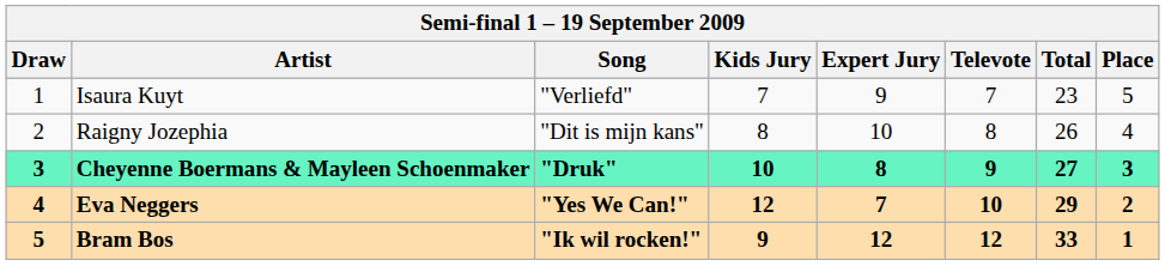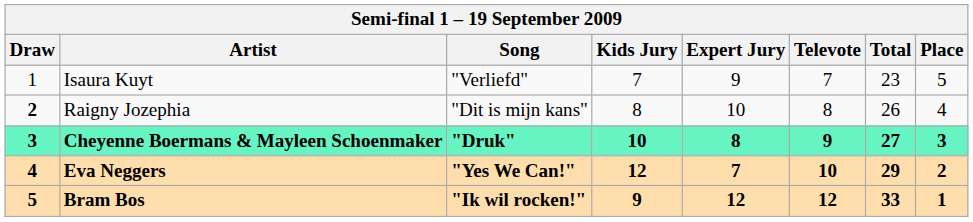 <table class="sortable wikitable" style="margin: 1em auto 1em auto; text-align:center;">
 <tr>
 <th colspan="8">Semi-final 1 – <strong>19 September 2009</strong></th>
 </tr>
 <tr bgcolor="#CCCCCC">
 <th>Draw</th>
 <th>Artist</th>
 <th>Song</th>
 <th>Kids Jury</th>
 <th>Expert Jury</th>
 <th>Televote</th>
 <th>Total</th>
 <th>Place</th>
 </tr>
 <tr>
 <td>1</td>
 <td align="left">Isaura Kuyt</td>
 <td align="left">"Verliefd"</td>
 <td>7</td>
 <td>9</td>
 <td>7</td>
 <td>23</td>
 <td>5</td>
 </tr>
 <tr>
-<td>2</td>
+<td><strong>2</strong></td>
 <td align="left">Raigny Jozephia</td>
 <td align="left">"Dit is mijn kans"</td>
 <td>8</td>
 <td>10</td>
 <td>8</td>
 <td>26</td>
 <td>4</td>
 </tr>
 <tr style="font-weight:bold; background:#66f4c3;">
 <td>3</td>
 <td align="left">Cheyenne Boermans & Mayleen Schoenmaker</td>
 <td align="left">"Druk"</td>
 <td>10</td>
 <td>8</td>
 <td>9</td>
 <td>27</td>
 <td>3</td>
 </tr>
 <tr style="font-weight:bold; background:#FFDEAD;">
 <td>4</td>
 <td align="left">Eva Neggers</td>
 <td align="left">"Yes We Can!"</td>
 <td>12</td>
 <td>7</td>
 <td>10</td>
 <td>29</td>
 <td>2</td>
 </tr>
 <tr style="font-weight:bold; background:#FFDEAD;">
 <td>5</td>
 <td align="left">Bram Bos</td>
 <td align="left">"Ik wil rocken!"</td>
 <td>9</td>
 <td>12</td>
 <td>12</td>
 <td>33</td>
 <td>1</td>
 </tr>
 </table>
